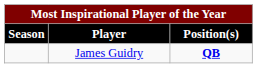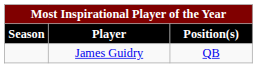 <table class="wikitable sortable" style="text-align:center">
 <tr>
 <td colspan="4" style="background:maroon; color:white;"><strong>Most Inspirational Player of the Year</strong></td>
 </tr>
 <tr>
 <th style="width:50px; background:black; color:white;">Season</th>
 <th style="width:150px; background:black; color:white;">Player</th>
 <th style="width:100px; background:black; color:white;">Position(s)</th>
 </tr>
 <tr>
 <td></td>
 <td><a href='#'>James Guidry</a></td>
-<td><strong><a href='#'>QB</a></strong></td>
+<td><a href='#'>QB</a></td>
 </tr>
 </table>
